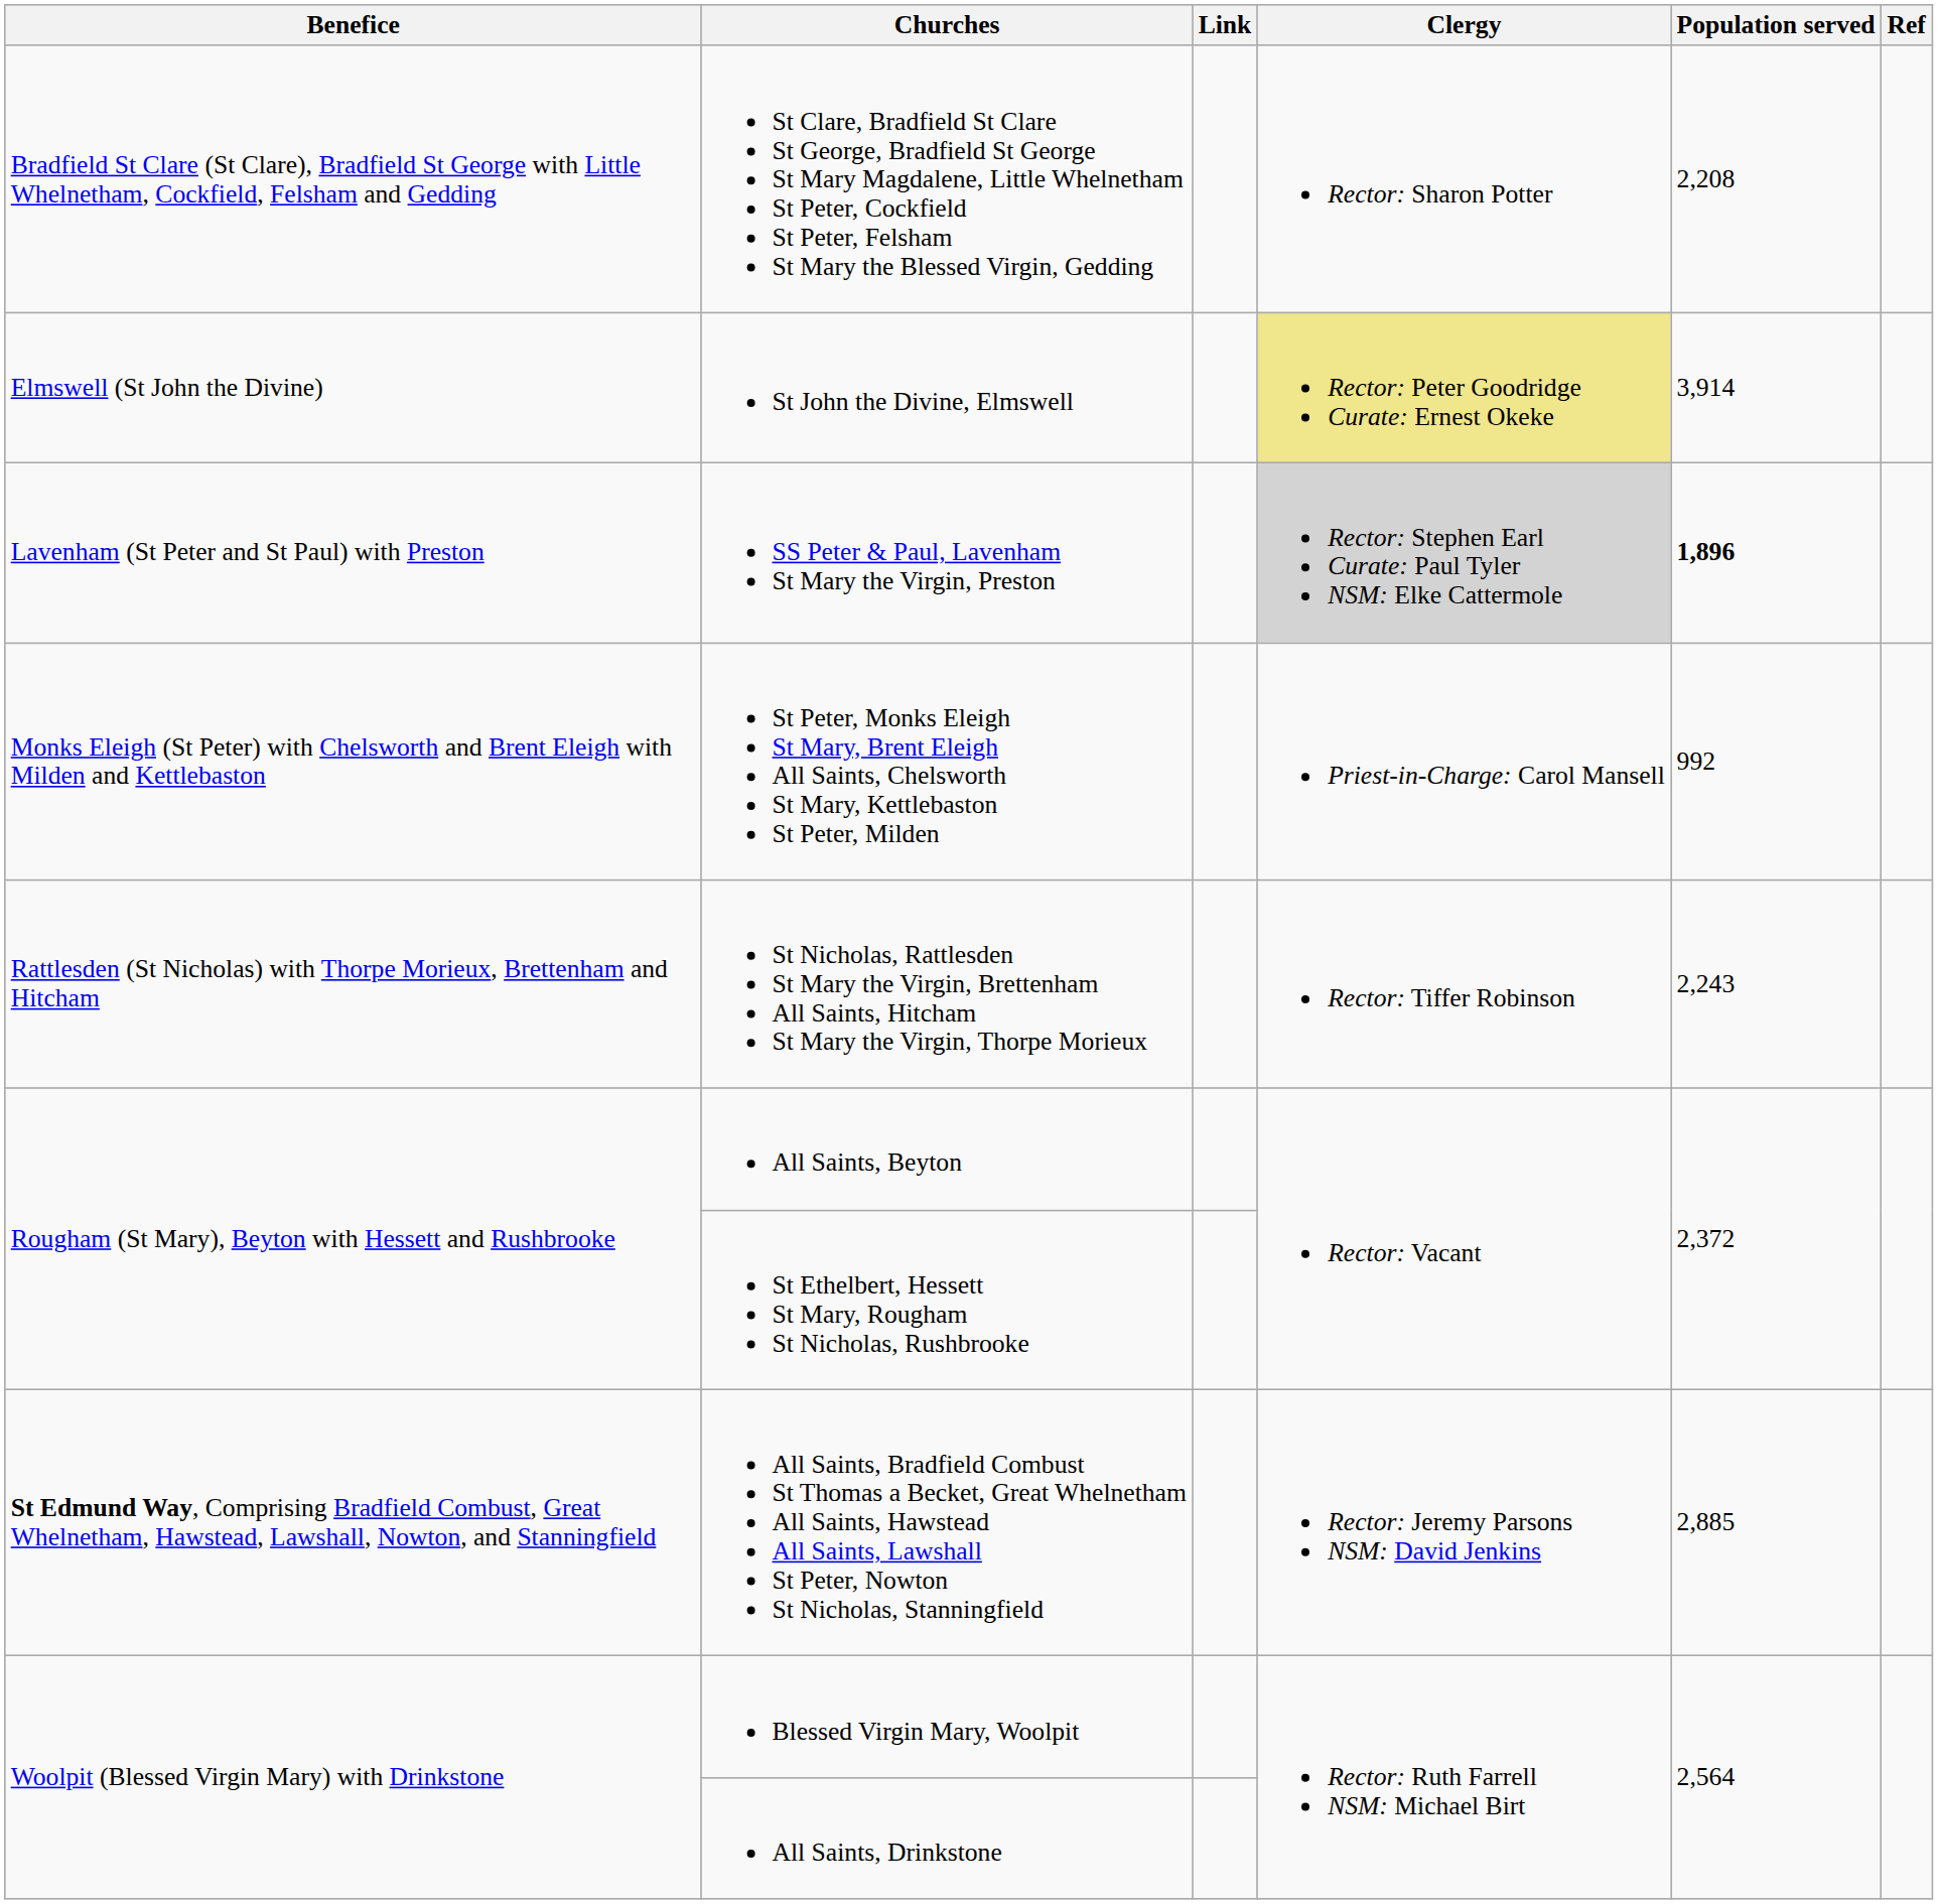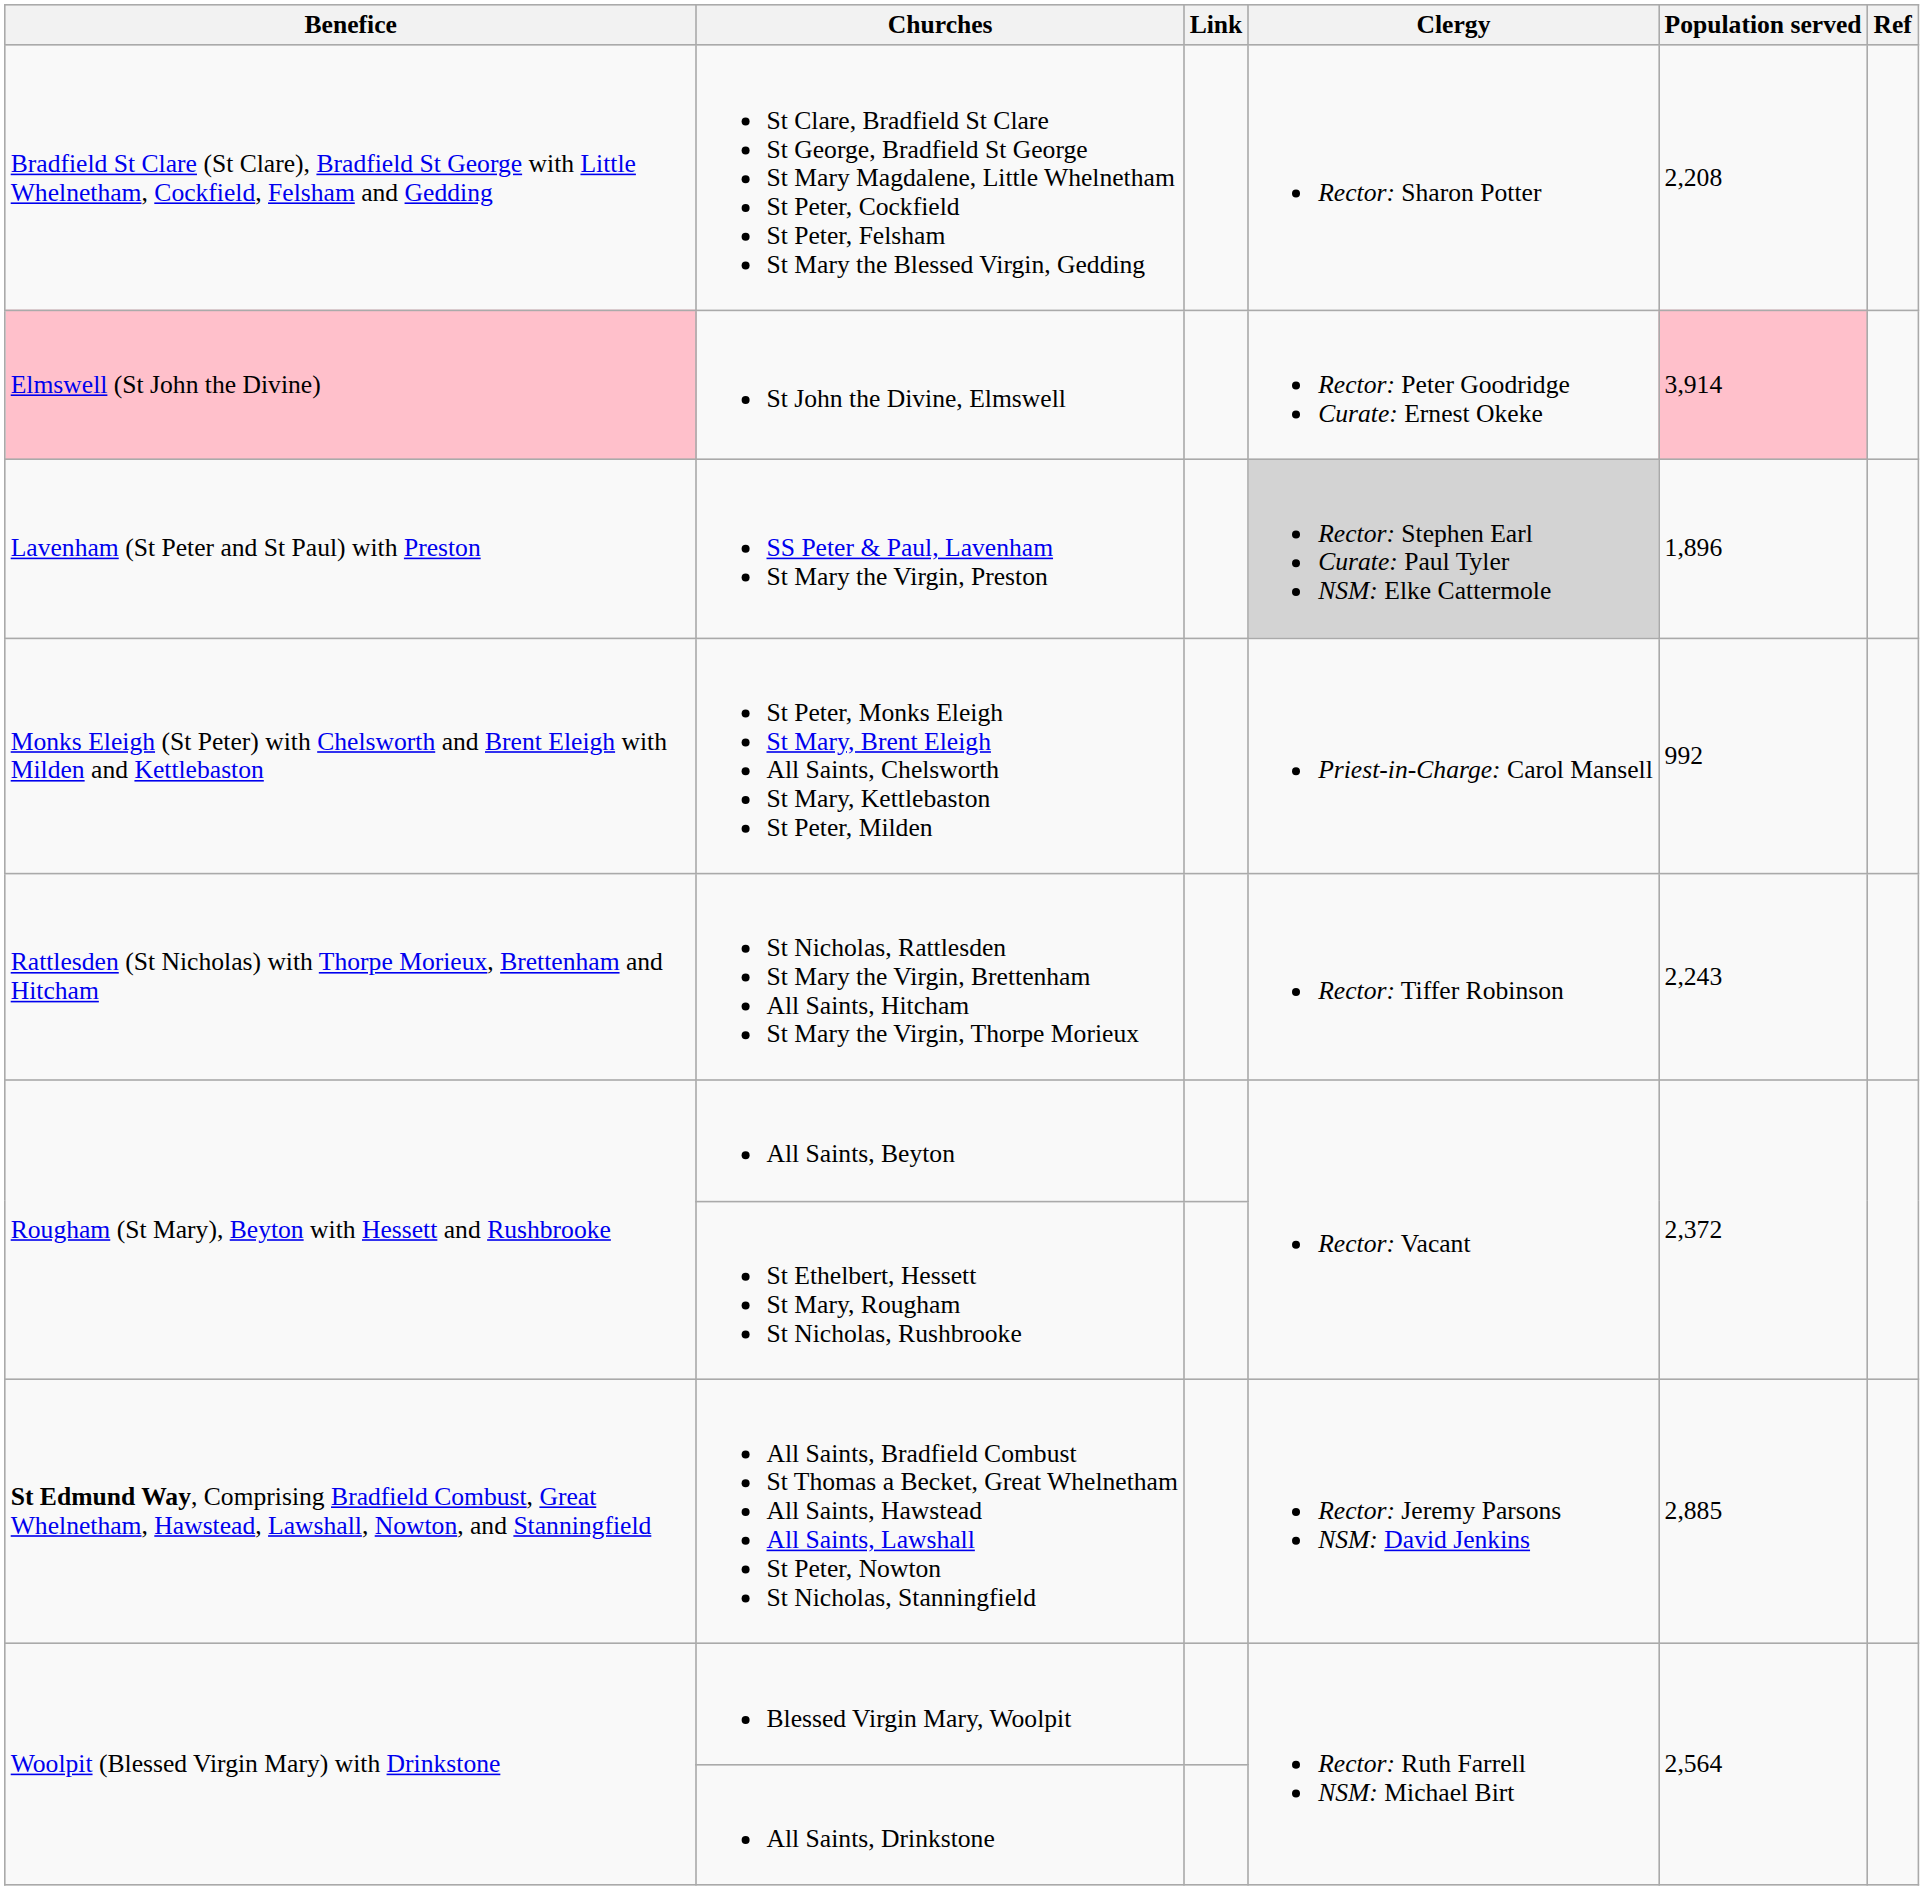 <table class="wikitable">
 <tr>
 <th width="425">Benefice</th>
 <th>Churches</th>
 <th>Link</th>
 <th>Clergy</th>
 <th>Population served</th>
 <th>Ref</th>
 </tr>
 <tr>
 <td><a href='#'>Bradfield St Clare</a> (St Clare), <a href='#'>Bradfield St George</a> with <a href='#'>Little Whelnetham</a>, <a href='#'>Cockfield</a>, <a href='#'>Felsham</a> and <a href='#'>Gedding</a></td>
 <td><br><ul><li>St Clare, Bradfield St Clare</li><li>St George, Bradfield St George</li><li>St Mary Magdalene, Little Whelnetham</li><li>St Peter, Cockfield</li><li>St Peter, Felsham</li><li>St Mary the Blessed Virgin, Gedding</li></ul></td>
 <td></td>
 <td><br><ul><li><em>Rector:</em> Sharon Potter</li></ul></td>
 <td>2,208</td>
 <td></td>
 </tr>
 <tr>
-<td><a href='#'>Elmswell</a> (St John the Divine)</td>
+<td style="background: pink;"><a href='#'>Elmswell</a> (St John the Divine)</td>
 <td><br><ul><li>St John the Divine, Elmswell</li></ul></td>
 <td></td>
-<td style="background: khaki;"><br><ul><li><em>Rector:</em> Peter Goodridge</li><li><em>Curate:</em> Ernest Okeke</li></ul></td>
-<td>3,914</td>
+<td><br><ul><li><em>Rector:</em> Peter Goodridge</li><li><em>Curate:</em> Ernest Okeke</li></ul></td>
+<td style="background: pink;">3,914</td>
 <td></td>
 </tr>
 <tr>
 <td><a href='#'>Lavenham</a> (St Peter and St Paul) with <a href='#'>Preston</a></td>
 <td><br><ul><li><a href='#'>SS Peter & Paul, Lavenham</a></li><li>St Mary the Virgin, Preston</li></ul></td>
 <td></td>
 <td style="background: lightgrey;"><br><ul><li><em>Rector:</em> Stephen Earl</li><li><em>Curate:</em> Paul Tyler</li><li><em>NSM:</em> Elke Cattermole</li></ul></td>
-<td><strong>1,896</strong></td>
+<td>1,896</td>
 <td></td>
 </tr>
 <tr>
 <td><a href='#'>Monks Eleigh</a> (St Peter) with <a href='#'>Chelsworth</a> and <a href='#'>Brent Eleigh</a> with <a href='#'>Milden</a> and <a href='#'>Kettlebaston</a></td>
 <td><br><ul><li>St Peter, Monks Eleigh</li><li><a href='#'>St Mary, Brent Eleigh</a></li><li>All Saints, Chelsworth</li><li>St Mary, Kettlebaston</li><li>St Peter, Milden</li></ul></td>
 <td></td>
 <td><br><ul><li><em>Priest-in-Charge:</em> Carol Mansell</li></ul></td>
 <td>992</td>
 <td></td>
 </tr>
 <tr>
 <td><a href='#'>Rattlesden</a> (St Nicholas) with <a href='#'>Thorpe Morieux</a>, <a href='#'>Brettenham</a> and <a href='#'>Hitcham</a></td>
 <td><br><ul><li>St Nicholas, Rattlesden</li><li>St Mary the Virgin, Brettenham</li><li>All Saints, Hitcham</li><li>St Mary the Virgin, Thorpe Morieux</li></ul></td>
 <td></td>
 <td><br><ul><li><em>Rector:</em> Tiffer Robinson</li></ul></td>
 <td>2,243</td>
 <td></td>
 </tr>
 <tr>
 <td rowspan="2"><a href='#'>Rougham</a> (St Mary), <a href='#'>Beyton</a> with <a href='#'>Hessett</a> and <a href='#'>Rushbrooke</a></td>
 <td><br><ul><li>All Saints, Beyton</li></ul></td>
 <td></td>
 <td rowspan="2"><br><ul><li><em>Rector:</em> Vacant</li></ul></td>
 <td rowspan="2">2,372</td>
 <td rowspan="2"></td>
 </tr>
 <tr>
 <td><br><ul><li>St Ethelbert, Hessett</li><li>St Mary, Rougham</li><li>St Nicholas, Rushbrooke</li></ul></td>
 <td></td>
 </tr>
 <tr>
 <td><strong>St Edmund Way</strong>, Comprising <a href='#'>Bradfield Combust</a>, <a href='#'>Great Whelnetham</a>, <a href='#'>Hawstead</a>, <a href='#'>Lawshall</a>, <a href='#'>Nowton</a>, and <a href='#'>Stanningfield</a></td>
 <td><br><ul><li>All Saints, Bradfield Combust</li><li>St Thomas a Becket, Great Whelnetham</li><li>All Saints, Hawstead</li><li><a href='#'>All Saints, Lawshall</a></li><li>St Peter, Nowton</li><li>St Nicholas, Stanningfield</li></ul></td>
 <td> </td>
 <td><br><ul><li><em>Rector:</em> Jeremy Parsons</li><li><em>NSM:</em> <a href='#'>David Jenkins</a></li></ul></td>
 <td>2,885</td>
 <td></td>
 </tr>
 <tr>
 <td rowspan="2"><a href='#'>Woolpit</a> (Blessed Virgin Mary) with <a href='#'>Drinkstone</a></td>
 <td><br><ul><li>Blessed Virgin Mary, Woolpit</li></ul></td>
 <td></td>
 <td rowspan="2"><br><ul><li><em>Rector:</em> Ruth Farrell</li><li><em>NSM:</em> Michael Birt</li></ul></td>
 <td rowspan="2">2,564</td>
 <td rowspan="2"></td>
 </tr>
 <tr>
 <td><br><ul><li>All Saints, Drinkstone</li></ul></td>
 <td></td>
 </tr>
 </table>
